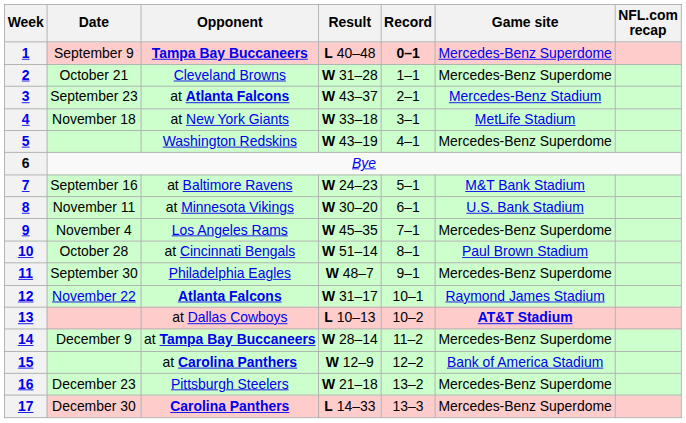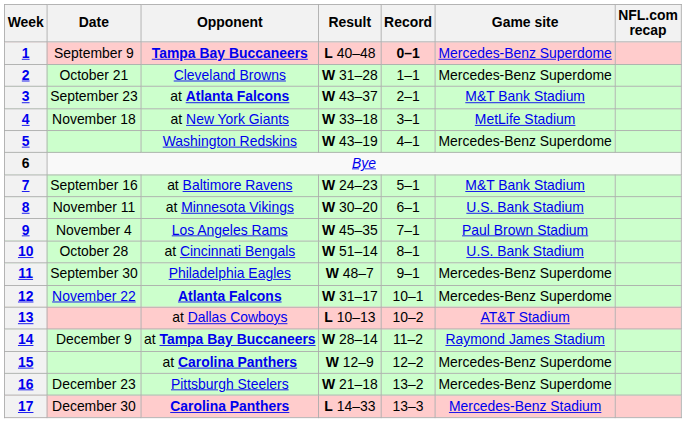 <table class="wikitable" style="text-align:center">
 <tr>
 <th>Week</th>
 <th>Date</th>
 <th>Opponent</th>
 <th>Result</th>
 <th>Record</th>
 <th>Game site</th>
 <th>NFL.com<br>recap</th>
 </tr>
 <tr style="background:#fcc">
 <th><a href='#'>1</a></th>
 <td>September 9</td>
 <td><strong><a href='#'>Tampa Bay Buccaneers</a></strong></td>
 <td><strong>L</strong> 40–48</td>
 <td><strong>0–1</strong></td>
 <td><a href='#'>Mercedes-Benz Superdome</a></td>
 <td></td>
 </tr>
 <tr style="background:#cfc">
 <th><a href='#'>2</a></th>
 <td>October 21</td>
 <td><a href='#'>Cleveland Browns</a></td>
 <td><strong>W</strong> 31–28</td>
 <td>1–1</td>
 <td>Mercedes-Benz Superdome</td>
 <td></td>
 </tr>
 <tr style="background:#cfc">
 <th><a href='#'>3</a></th>
 <td>September 23</td>
 <td>at <strong><a href='#'>Atlanta Falcons</a></strong></td>
 <td><strong>W</strong> 43–37 </td>
 <td>2–1</td>
-<td><a href='#'>Mercedes-Benz Stadium</a></td>
+<td><a href='#'>M&T Bank Stadium</a></td>
 <td></td>
 </tr>
 <tr style="background:#cfc">
 <th><a href='#'>4</a></th>
 <td>November 18</td>
 <td>at <a href='#'>New York Giants</a></td>
 <td><strong>W</strong> 33–18</td>
 <td>3–1</td>
 <td><a href='#'>MetLife Stadium</a></td>
 <td></td>
 </tr>
 <tr style="background:#cfc">
 <th><a href='#'>5</a></th>
 <td></td>
 <td><a href='#'>Washington Redskins</a></td>
 <td><strong>W</strong> 43–19</td>
 <td>4–1</td>
 <td>Mercedes-Benz Superdome</td>
 <td></td>
 </tr>
 <tr>
 <th>6</th>
 <td colspan=6><em><a href='#'>Bye</a></em></td>
 </tr>
 <tr style="background:#cfc">
 <th><a href='#'>7</a></th>
 <td>September 16</td>
 <td>at <a href='#'>Baltimore Ravens</a></td>
 <td><strong>W</strong> 24–23</td>
 <td>5–1</td>
 <td><a href='#'>M&T Bank Stadium</a></td>
 <td></td>
 </tr>
 <tr style="background:#cfc">
 <th><a href='#'>8</a></th>
 <td>November 11</td>
 <td>at <a href='#'>Minnesota Vikings</a></td>
 <td><strong>W</strong> 30–20</td>
 <td>6–1</td>
 <td><a href='#'>U.S. Bank Stadium</a></td>
 <td></td>
 </tr>
 <tr style="background:#cfc">
 <th><a href='#'>9</a></th>
 <td>November 4</td>
 <td><a href='#'>Los Angeles Rams</a></td>
 <td><strong>W</strong> 45–35</td>
 <td>7–1</td>
-<td>Mercedes-Benz Superdome</td>
+<td><a href='#'>Paul Brown Stadium</a></td>
 <td></td>
 </tr>
 <tr style="background:#cfc">
 <th><a href='#'>10</a></th>
 <td>October 28</td>
 <td>at <a href='#'>Cincinnati Bengals</a></td>
 <td><strong>W</strong> 51–14</td>
 <td>8–1</td>
-<td><a href='#'>Paul Brown Stadium</a></td>
+<td><a href='#'>U.S. Bank Stadium</a></td>
 <td></td>
 </tr>
 <tr style="background:#cfc">
 <th><a href='#'>11</a></th>
 <td>September 30</td>
 <td><a href='#'>Philadelphia Eagles</a></td>
 <td><strong>W</strong> 48–7</td>
 <td>9–1</td>
 <td>Mercedes-Benz Superdome</td>
 <td></td>
 </tr>
 <tr style="background:#cfc">
 <th><a href='#'>12</a></th>
 <td><a href='#'>November 22</a></td>
 <td><strong><a href='#'>Atlanta Falcons</a></strong></td>
 <td><strong>W</strong> 31–17</td>
 <td>10–1</td>
-<td><a href='#'>Raymond James Stadium</a></td>
+<td>Mercedes-Benz Superdome</td>
 <td></td>
 </tr>
 <tr style="background:#fcc">
 <th><a href='#'>13</a></th>
 <td></td>
 <td>at <a href='#'>Dallas Cowboys</a></td>
 <td><strong>L</strong> 10–13</td>
 <td>10–2</td>
-<td><strong><a href='#'>AT&T Stadium</a></strong></td>
+<td><a href='#'>AT&T Stadium</a></td>
 <td></td>
 </tr>
 <tr style="background:#cfc">
 <th><a href='#'>14</a></th>
 <td>December 9</td>
 <td>at <strong><a href='#'>Tampa Bay Buccaneers</a></strong></td>
 <td><strong>W</strong> 28–14</td>
 <td>11–2</td>
-<td>Mercedes-Benz Superdome</td>
+<td><a href='#'>Raymond James Stadium</a></td>
 <td></td>
 </tr>
 <tr style="background:#cfc">
 <th><a href='#'>15</a></th>
 <td></td>
 <td>at <strong><a href='#'>Carolina Panthers</a></strong></td>
 <td><strong>W</strong> 12–9</td>
 <td>12–2</td>
-<td><a href='#'>Bank of America Stadium</a></td>
+<td>Mercedes-Benz Superdome</td>
 <td></td>
 </tr>
 <tr style="background:#cfc">
 <th><a href='#'>16</a></th>
 <td>December 23</td>
 <td><a href='#'>Pittsburgh Steelers</a></td>
 <td><strong>W</strong> 21–18</td>
 <td>13–2</td>
 <td>Mercedes-Benz Superdome</td>
 <td></td>
 </tr>
 <tr style="background:#fcc">
 <th><a href='#'>17</a></th>
 <td>December 30</td>
 <td><strong><a href='#'>Carolina Panthers</a></strong></td>
 <td><strong>L</strong> 14–33</td>
 <td>13–3</td>
-<td>Mercedes-Benz Superdome</td>
+<td><a href='#'>Mercedes-Benz Stadium</a></td>
 <td></td>
 </tr>
 </table>
